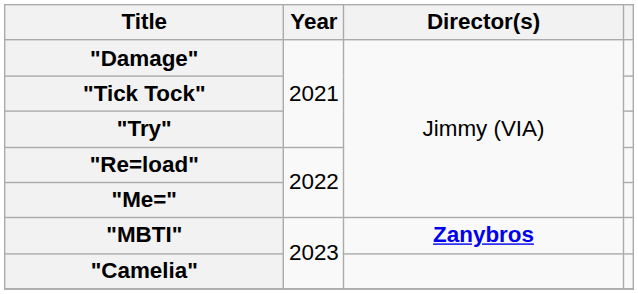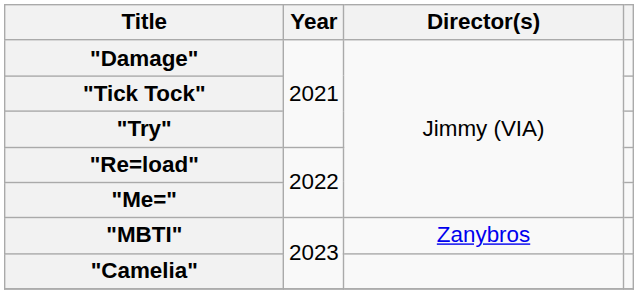 <table class="wikitable plainrowheaders" style="text-align:center;">
 <tr>
 <th scope="col" style="width:12em;">Title</th>
 <th scope="col">Year</th>
 <th scope="col" style="width:12em;">Director(s)</th>
 <th scope="col"></th>
 </tr>
 <tr>
 <th scope="row">"Damage"</th>
 <td rowspan="3">2021</td>
 <td rowspan="5">Jimmy (VIA)</td>
 <td></td>
 </tr>
 <tr>
 <th scope="row">"Tick Tock"</th>
 <td></td>
 </tr>
 <tr>
 <th scope="row">"Try"</th>
 <td></td>
 </tr>
 <tr>
 <th scope="row">"Re=load"</th>
 <td rowspan="2">2022</td>
 <td></td>
 </tr>
 <tr>
 <th scope="row">"Me="</th>
 <td></td>
 </tr>
 <tr>
 <th scope="row">"MBTI"</th>
 <td rowspan="2">2023</td>
-<td><strong><a href='#'>Zanybros</a></strong></td>
+<td><a href='#'>Zanybros</a></td>
 <td></td>
 </tr>
 <tr>
 <th scope="row">"Camelia"</th>
 <td></td>
 <td></td>
 </tr>
 <tr>
 </tr>
 </table>
